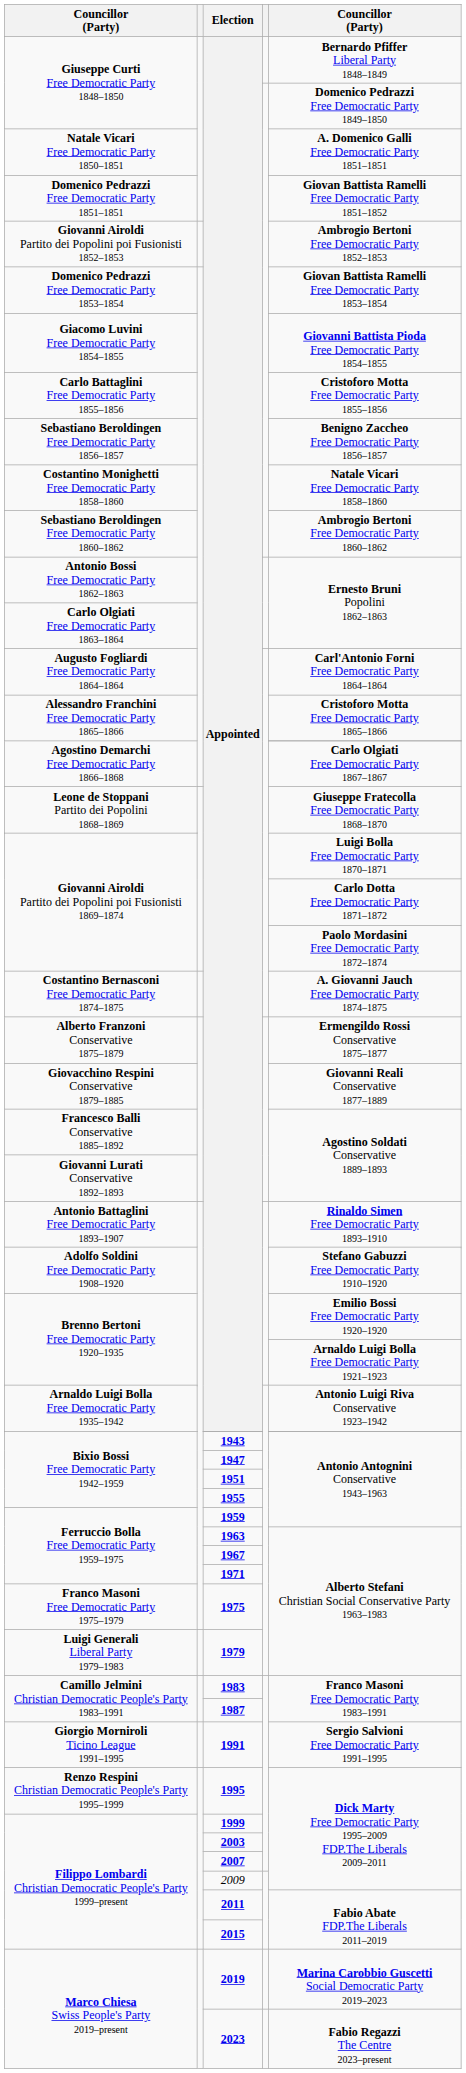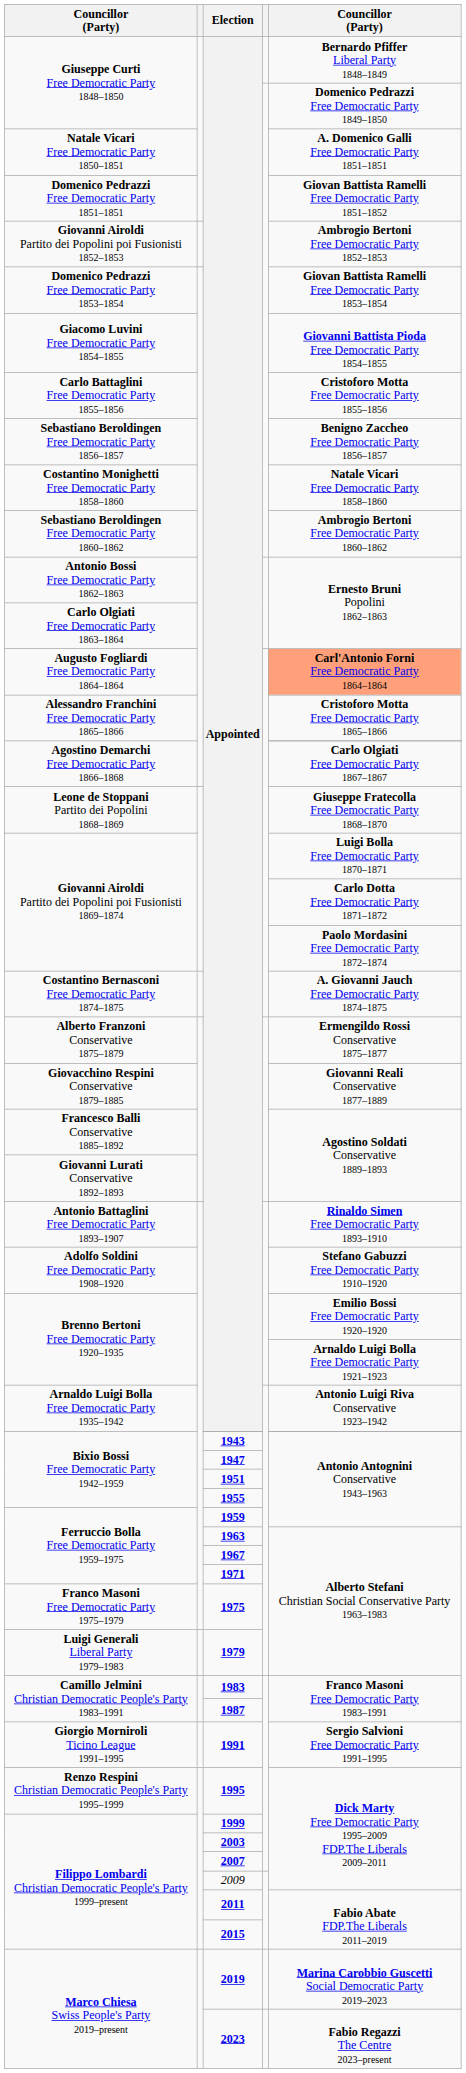 <table class="wikitable" style="text-align:center">
 <tr>
 <th scope="col" width="250" colspan = "1">Councillor<br> (Party)</th>
 <th></th>
 <th>Election</th>
 <th></th>
 <th scope="col" width="250" colspan = "1">Councillor<br> (Party)</th>
 </tr>
 <tr>
 <td rowspan=2><strong>Giuseppe Curti</strong><br><a href='#'>Free Democratic Party</a><br><small>1848–1850</small></td>
 <td rowspan=4; style="background-color: "></td>
 <th rowspan=36>Appointed</th>
 <td rowspan=1; style="background-color: "></td>
 <td rowspan=1><strong>Bernardo Pfiffer</strong><br><a href='#'>Liberal Party</a><br><small>1848–1849</small></td>
 </tr>
 <tr>
 <td rowspan=10; style="background-color: "></td>
 <td rowspan=1><strong>Domenico Pedrazzi</strong><br><a href='#'>Free Democratic Party</a><br><small>1849–1850</small></td>
 </tr>
 <tr>
 <td rowspan=1><strong>Natale Vicari</strong><br><a href='#'>Free Democratic Party</a><br><small>1850–1851</small></td>
 <td rowspan=1><strong>A. Domenico Galli</strong><br><a href='#'>Free Democratic Party</a><br><small>1851–1851</small></td>
 </tr>
 <tr>
 <td rowspan=1><strong>Domenico Pedrazzi</strong><br><a href='#'>Free Democratic Party</a><br><small>1851–1851</small></td>
 <td rowspan=1><strong>Giovan Battista Ramelli</strong><br><a href='#'>Free Democratic Party</a><br><small>1851–1852</small></td>
 </tr>
 <tr>
 <td rowspan=1><strong>Giovanni Airoldi</strong><br>Partito dei Popolini poi Fusionisti<br><small>1852–1853</small></td>
 <td rowspan=1; style="background-color: "></td>
 <td rowspan=1><strong>Ambrogio Bertoni</strong><br><a href='#'>Free Democratic Party</a><br><small>1852–1853</small></td>
 </tr>
 <tr>
 <td rowspan=1><strong>Domenico Pedrazzi</strong><br><a href='#'>Free Democratic Party</a><br><small>1853–1854</small></td>
 <td rowspan=12; style="background-color: "></td>
 <td rowspan=1><strong>Giovan Battista Ramelli</strong><br><a href='#'>Free Democratic Party</a><br><small>1853–1854</small></td>
 </tr>
 <tr>
 <td rowspan=1><strong>Giacomo Luvini</strong><br><a href='#'>Free Democratic Party</a><br><small>1854–1855</small></td>
 <td rowspan=1><br><strong><a href='#'>Giovanni Battista Pioda</a></strong><br><a href='#'>Free Democratic Party</a><br><small>1854–1855</small></td>
 </tr>
 <tr>
 <td rowspan=1><strong>Carlo Battaglini</strong><br><a href='#'>Free Democratic Party</a><br><small>1855–1856</small></td>
 <td rowspan=1><strong>Cristoforo Motta</strong><br><a href='#'>Free Democratic Party</a><br><small>1855–1856</small></td>
 </tr>
 <tr>
 <td rowspan=1><strong>Sebastiano Beroldingen</strong><br><a href='#'>Free Democratic Party</a><br><small>1856–1857</small></td>
 <td rowspan=1><strong>Benigno Zaccheo</strong><br><a href='#'>Free Democratic Party</a><br><small>1856–1857</small></td>
 </tr>
 <tr>
 <td rowspan=1><strong>Costantino Monighetti</strong><br><a href='#'>Free Democratic Party</a><br><small>1858–1860</small></td>
 <td rowspan=1><strong>Natale Vicari</strong><br><a href='#'>Free Democratic Party</a><br><small>1858–1860</small></td>
 </tr>
 <tr>
 <td rowspan=1><strong>Sebastiano Beroldingen</strong><br><a href='#'>Free Democratic Party</a><br><small>1860–1862</small></td>
 <td rowspan=1><strong>Ambrogio Bertoni</strong><br><a href='#'>Free Democratic Party</a><br><small>1860–1862</small></td>
 </tr>
 <tr>
 <td rowspan=1><strong>Antonio Bossi</strong><br><a href='#'>Free Democratic Party</a><br><small>1862–1863</small></td>
 <td rowspan=2; style="background-color: "></td>
 <td rowspan=2><strong>Ernesto Bruni</strong><br>Popolini<br><small>1862–1863</small></td>
 </tr>
 <tr>
 <td rowspan=1><strong>Carlo Olgiati</strong><br><a href='#'>Free Democratic Party</a><br><small>1863–1864</small></td>
 </tr>
 <tr>
 <td rowspan=1><strong>Augusto Fogliardi</strong><br><a href='#'>Free Democratic Party</a><br><small>1864–1864</small></td>
 <td rowspan=10; style="background-color: "></td>
-<td rowspan=1><strong>Carl'Antonio Forni</strong><br><a href='#'>Free Democratic Party</a><br><small>1864–1864</small></td>
+<td rowspan=1 style="background: lightsalmon;"><strong>Carl'Antonio Forni</strong><br><a href='#'>Free Democratic Party</a><br><small>1864–1864</small></td>
 </tr>
 <tr>
 <td rowspan=1><strong>Alessandro Franchini</strong><br><a href='#'>Free Democratic Party</a><br><small>1865–1866</small></td>
 <td rowspan=1><strong>Cristoforo Motta</strong><br><a href='#'>Free Democratic Party</a><br><small>1865–1866</small></td>
 </tr>
 <tr>
 <td rowspan=2><strong>Agostino Demarchi</strong><br><a href='#'>Free Democratic Party</a><br><small>1866–1868</small></td>
 </tr>
 <tr>
 <td rowspan=1><strong>Carlo Olgiati</strong><br><a href='#'>Free Democratic Party</a><br><small>1867–1867</small></td>
 </tr>
 <tr>
 <td rowspan=1><strong>Leone de Stoppani</strong><br>Partito dei Popolini<br><small>1868–1869</small></td>
 <td rowspan=5; style="background-color: "></td>
 <td rowspan=2><strong>Giuseppe Fratecolla</strong><br><a href='#'>Free Democratic Party</a><br><small>1868–1870</small></td>
 </tr>
 <tr>
 <td rowspan=4><strong>Giovanni Airoldi</strong><br>Partito dei Popolini poi Fusionisti<br><small>1869–1874</small></td>
 </tr>
 <tr>
 <td rowspan=1><strong>Luigi Bolla</strong><br><a href='#'>Free Democratic Party</a><br><small>1870–1871</small></td>
 </tr>
 <tr>
 <td rowspan=1><strong>Carlo Dotta</strong><br><a href='#'>Free Democratic Party</a><br><small>1871–1872</small></td>
 </tr>
 <tr>
 <td rowspan=1><strong>Paolo Mordasini</strong><br><a href='#'>Free Democratic Party</a><br><small>1872–1874</small></td>
 </tr>
 <tr>
 <td rowspan=1><strong>Costantino Bernasconi</strong><br><a href='#'>Free Democratic Party</a><br><small>1874–1875</small></td>
 <td rowspan=1; style="background-color: "></td>
 <td rowspan=1><strong>A. Giovanni Jauch</strong><br><a href='#'>Free Democratic Party</a><br><small>1874–1875</small></td>
 </tr>
 <tr>
 <td rowspan=2><strong>Alberto Franzoni</strong><br>Conservative<br><small>1875–1879</small></td>
 <td rowspan=6; style="background-color: "></td>
 <td rowspan=6; style="background-color: "></td>
 <td rowspan=1><strong>Ermengildo Rossi</strong><br>Conservative<br><small>1875–1877</small></td>
 </tr>
 <tr>
 <td rowspan=3><strong>Giovanni Reali</strong><br>Conservative<br><small>1877–1889</small></td>
 </tr>
 <tr>
 <td rowspan=1><strong>Giovacchino Respini</strong><br>Conservative<br><small>1879–1885</small></td>
 </tr>
 <tr>
 <td rowspan=2><strong>Francesco Balli</strong><br>Conservative<br><small>1885–1892</small></td>
 </tr>
 <tr>
 <td rowspan=2><strong>Agostino Soldati</strong><br>Conservative<br><small>1889–1893</small></td>
 </tr>
 <tr>
 <td rowspan=1><strong>Giovanni Lurati</strong><br>Conservative<br><small>1892–1893</small></td>
 </tr>
 <tr>
 <td rowspan=1><strong>Antonio Battaglini</strong><br><a href='#'>Free Democratic Party</a><br><small>1893–1907</small></td>
 <td rowspan=17; style="background-color: "></td>
 <td rowspan=5; style="background-color: "></td>
 <td rowspan=2><strong><a href='#'>Rinaldo Simen</a></strong><br><a href='#'>Free Democratic Party</a><br><small>1893–1910</small></td>
 </tr>
 <tr>
 <td rowspan=2><strong>Adolfo Soldini</strong><br><a href='#'>Free Democratic Party</a><br><small>1908–1920</small></td>
 </tr>
 <tr>
 <td rowspan=1><strong>Stefano Gabuzzi</strong><br><a href='#'>Free Democratic Party</a><br><small>1910–1920</small></td>
 </tr>
 <tr>
 <td rowspan=3><strong>Brenno Bertoni</strong><br><a href='#'>Free Democratic Party</a><br><small>1920–1935</small></td>
 <td rowspan=1><strong>Emilio Bossi</strong><br><a href='#'>Free Democratic Party</a><br><small>1920–1920</small></td>
 </tr>
 <tr>
 <td rowspan=1><strong>Arnaldo Luigi Bolla</strong><br><a href='#'>Free Democratic Party</a><br><small>1921–1923</small></td>
 </tr>
 <tr>
 <td rowspan=13; style="background-color: "></td>
 <td rowspan=2><strong>Antonio Luigi Riva</strong><br>Conservative<br><small>1923–1942</small></td>
 </tr>
 <tr>
 <td rowspan=1><strong>Arnaldo Luigi Bolla</strong><br><a href='#'>Free Democratic Party</a><br><small>1935–1942</small></td>
 </tr>
 <tr>
 <td rowspan=5><strong>Bixio Bossi</strong><br><a href='#'>Free Democratic Party</a><br><small>1942–1959</small></td>
 </tr>
 <tr>
 <td><strong><a href='#'>1943</a></strong></td>
 <td rowspan=5><strong>Antonio Antognini</strong><br>Conservative<br><small>1943–1963</small></td>
 </tr>
 <tr>
 <td><strong><a href='#'>1947</a></strong></td>
 </tr>
 <tr>
 <td><strong><a href='#'>1951</a></strong></td>
 </tr>
 <tr>
 <td><strong><a href='#'>1955</a></strong></td>
 </tr>
 <tr>
 <td rowspan=4><strong>Ferruccio Bolla</strong><br><a href='#'>Free Democratic Party</a><br><small>1959–1975</small></td>
 <td><strong><a href='#'>1959</a></strong></td>
 </tr>
 <tr>
 <td><strong><a href='#'>1963</a></strong></td>
 <td rowspan=5><strong>Alberto Stefani</strong><br>Christian Social Conservative Party<br><small>1963–1983</small></td>
 </tr>
 <tr>
 <td><strong><a href='#'>1967</a></strong></td>
 </tr>
 <tr>
 <td><strong><a href='#'>1971</a></strong></td>
 </tr>
 <tr>
 <td rowspan=1><strong>Franco Masoni</strong><br><a href='#'>Free Democratic Party</a><br><small>1975–1979</small></td>
 <td><strong><a href='#'>1975</a></strong></td>
 </tr>
 <tr>
 <td rowspan=1><strong>Luigi Generali</strong><br><a href='#'>Liberal Party</a><br><small>1979–1983</small></td>
 <td rowspan=1; style="background-color: "></td>
 <td><strong><a href='#'>1979</a></strong></td>
 </tr>
 <tr>
 <td rowspan=2><strong>Camillo Jelmini</strong><br><a href='#'>Christian Democratic People's Party</a><br><small>1983–1991</small></td>
 <td rowspan=2; style="background-color: "></td>
 <td><strong><a href='#'>1983</a></strong></td>
 <td rowspan=7; style="background-color: "></td>
 <td rowspan=2><strong>Franco Masoni</strong><br><a href='#'>Free Democratic Party</a><br><small>1983–1991</small></td>
 </tr>
 <tr>
 <td><strong><a href='#'>1987</a></strong></td>
 </tr>
 <tr>
 <td rowspan=1><strong>Giorgio Morniroli</strong><br><a href='#'>Ticino League</a><br><small>1991–1995</small></td>
 <td rowspan=1; style="background-color: "></td>
 <td><strong><a href='#'>1991</a></strong></td>
 <td rowspan=1><strong>Sergio Salvioni</strong><br><a href='#'>Free Democratic Party</a><br><small>1991–1995</small></td>
 </tr>
 <tr>
 <td rowspan=1><strong>Renzo Respini</strong><br><a href='#'>Christian Democratic People's Party</a><br><small>1995–1999</small></td>
 <td rowspan=7; style="background-color: "></td>
 <td><strong><a href='#'>1995</a></strong></td>
 <td rowspan=5><br><strong><a href='#'>Dick Marty</a></strong><br><a href='#'>Free Democratic Party</a><br><small>1995–2009</small><br><a href='#'>FDP.The Liberals</a><br><small>2009–2011</small></td>
 </tr>
 <tr>
 <td rowspan=6><br><strong><a href='#'>Filippo Lombardi</a></strong><br><a href='#'>Christian Democratic People's Party</a><br><small>1999–present</small></td>
 <td><strong><a href='#'>1999</a></strong></td>
 </tr>
 <tr>
 <td><strong><a href='#'>2003</a></strong></td>
 </tr>
 <tr>
 <td><strong><a href='#'>2007</a></strong></td>
 </tr>
 <tr>
 <td><em>2009</em></td>
 <td rowspan=3; style="background-color: "></td>
 </tr>
 <tr>
 <td><strong><a href='#'>2011</a></strong></td>
 <td rowspan=2><br><strong>Fabio Abate</strong><br><a href='#'>FDP.The Liberals</a><br><small>2011–2019</small></td>
 </tr>
 <tr>
 <td><strong><a href='#'>2015</a></strong></td>
 </tr>
 <tr>
 <td rowspan=2><br><strong><a href='#'>Marco Chiesa</a></strong><br><a href='#'>Swiss People's Party</a><br><small>2019–present</small></td>
 <td rowspan=2; style="background-color: "></td>
 <td><strong><a href='#'>2019</a></strong></td>
 <td rowspan=1; style="background-color: "></td>
 <td rowspan=1><br><strong><a href='#'>Marina Carobbio Guscetti</a></strong><br><a href='#'>Social Democratic Party</a><br><small>2019–2023</small></td>
 </tr>
 <tr>
 <td><strong><a href='#'>2023</a></strong></td>
 <td rowspan=1; style="background-color: "></td>
 <td rowspan=1><br><strong>Fabio Regazzi</strong><br><a href='#'>The Centre</a><br><small>2023–present</small></td>
 </tr>
 </table>
